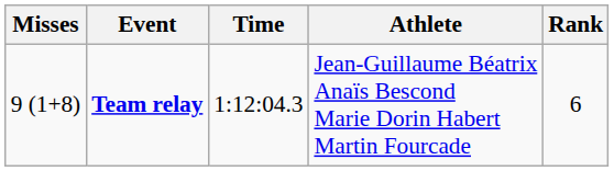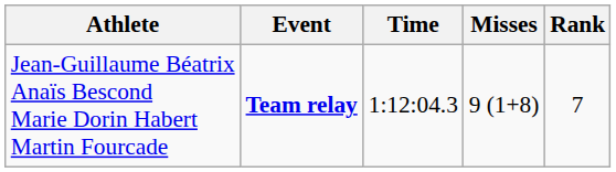 <table class="wikitable" style="font-size:90%">
 <tr>
-<th>Misses</th>
+<th>Athlete</th>
 <th>Event</th>
 <th>Time</th>
-<th>Athlete</th>
+<th>Misses</th>
 <th>Rank</th>
 </tr>
 <tr align=center>
-<td>9 (1+8)</td>
+<td align=left><a href='#'>Jean-Guillaume Béatrix</a><br><a href='#'>Anaïs Bescond</a><br><a href='#'>Marie Dorin Habert</a><br><a href='#'>Martin Fourcade</a></td>
 <td align=left><strong><a href='#'>Team relay</a></strong></td>
 <td>1:12:04.3</td>
-<td align=left><a href='#'>Jean-Guillaume Béatrix</a><br><a href='#'>Anaïs Bescond</a><br><a href='#'>Marie Dorin Habert</a><br><a href='#'>Martin Fourcade</a></td>
-<td>6</td>
+<td>9 (1+8)</td>
+<td>7</td>
 </tr>
 </table>
